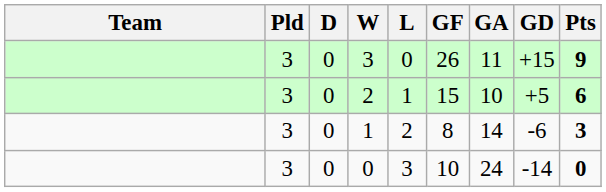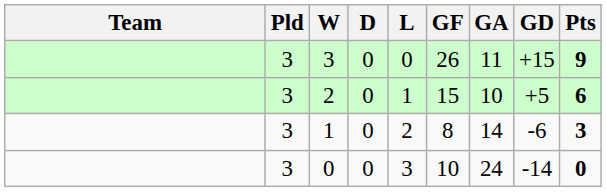 <table class="wikitable" style="text-align: center;">
 <tr>
 <th width="175">Team</th>
 <th width="20">Pld</th>
+<th width="20">W</th>
 <th width="20">D</th>
-<th width="20">W</th>
 <th width="20">L</th>
 <th width="20">GF</th>
 <th width="20">GA</th>
 <th width="20">GD</th>
 <th width="20">Pts<br></th>
 </tr>
 <tr align=center bgcolor="ccffcc">
 <td style="text-align:left;"></td>
 <td>3</td>
+<td>3</td>
 <td>0</td>
-<td>3</td>
 <td>0</td>
 <td>26</td>
 <td>11</td>
 <td>+15</td>
 <td><strong>9</strong></td>
 </tr>
 <tr align=center bgcolor="ccffcc">
 <td style="text-align:left;"></td>
 <td>3</td>
+<td>2</td>
 <td>0</td>
-<td>2</td>
 <td>1</td>
 <td>15</td>
 <td>10</td>
 <td>+5</td>
 <td><strong>6</strong></td>
 </tr>
 <tr align=center>
 <td style="text-align:left;"></td>
 <td>3</td>
+<td>1</td>
 <td>0</td>
-<td>1</td>
 <td>2</td>
 <td>8</td>
 <td>14</td>
 <td>-6</td>
 <td><strong>3</strong></td>
 </tr>
 <tr align=center>
 <td style="text-align:left;"></td>
 <td>3</td>
 <td>0</td>
 <td>0</td>
 <td>3</td>
 <td>10</td>
 <td>24</td>
 <td>-14</td>
 <td><strong>0</strong></td>
 </tr>
 </table>
